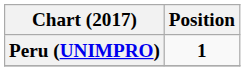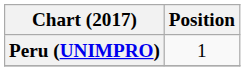 <table class="wikitable sortable plainrowheaders" style="text-align:center">
 <tr>
 <th>Chart (2017)</th>
 <th>Position</th>
 </tr>
 <tr>
 <th scope="row">Peru (<a href='#'>UNIMPRO</a>)</th>
-<td><strong>1</strong></td>
+<td>1</td>
 </tr>
 <tr>
 </tr>
 </table>
